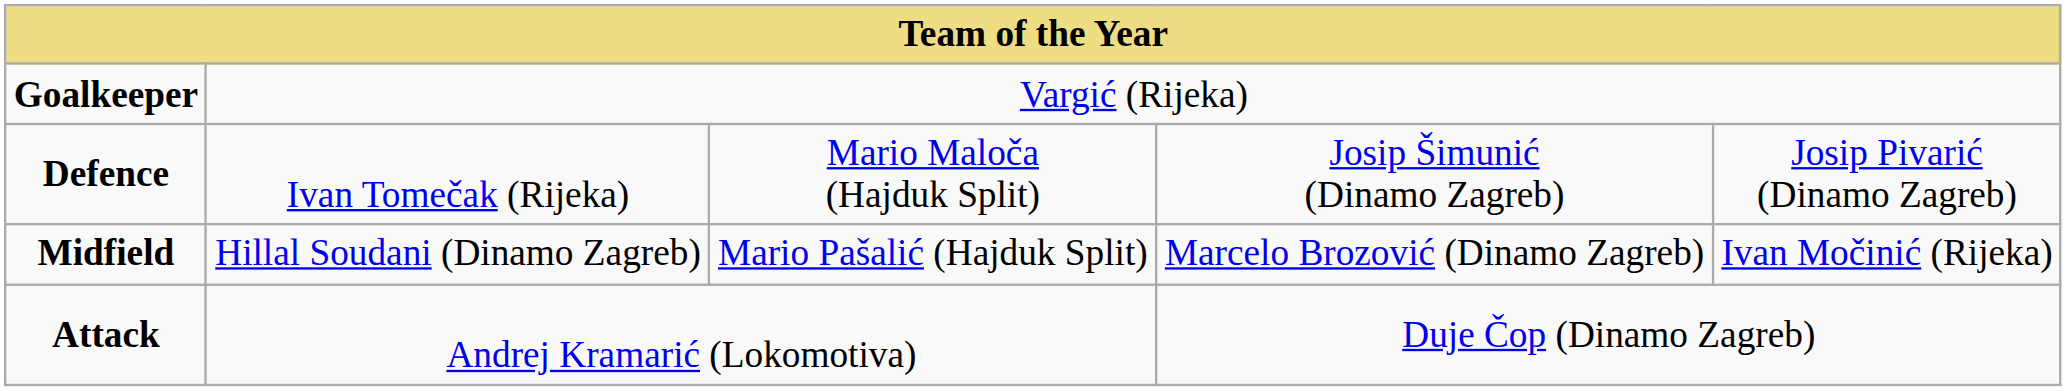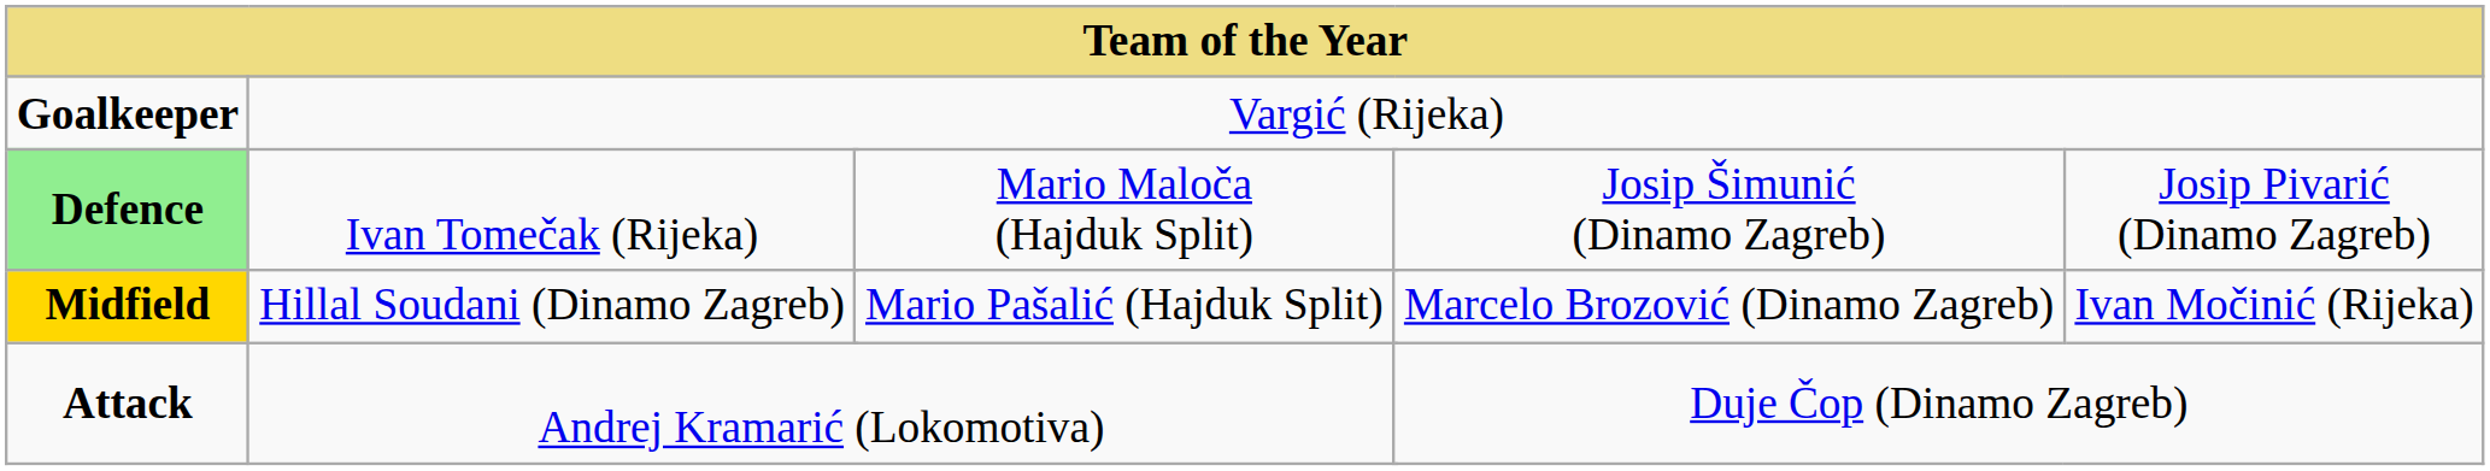 <table class="wikitable" style="text-align:center">
 <tr>
 <th style="background-color: #eedd82"     colspan="13">Team of the Year</th>
 </tr>
 <tr>
 <td><strong>Goalkeeper</strong></td>
 <td colspan="12"> <a href='#'>Vargić</a> (Rijeka)</td>
 </tr>
 <tr>
-<td><strong>Defence</strong></td>
+<td style="background: lightgreen;"><strong>Defence</strong></td>
 <td colspan="2"><br><a href='#'>Ivan Tomečak</a> (Rijeka)</td>
 <td colspan="2"> <a href='#'>Mario Maloča</a><br>(Hajduk Split)</td>
 <td colspan="2"> <a href='#'>Josip Šimunić</a><br>(Dinamo Zagreb)</td>
 <td colspan="3"> <a href='#'>Josip Pivarić</a><br>(Dinamo Zagreb)</td>
 </tr>
 <tr>
-<td><strong>Midfield</strong></td>
+<td style="background: gold;"><strong>Midfield</strong></td>
 <td colspan="2"> <a href='#'>Hillal Soudani</a> (Dinamo Zagreb)</td>
 <td colspan="2"> <a href='#'>Mario Pašalić</a> (Hajduk Split)</td>
 <td colspan="2"> <a href='#'>Marcelo Brozović</a> (Dinamo Zagreb)</td>
 <td colspan="4"> <a href='#'>Ivan Močinić</a> (Rijeka)</td>
 </tr>
 <tr>
 <td><strong>Attack</strong></td>
 <td colspan="4"><br> <a href='#'>Andrej Kramarić</a> (Lokomotiva)</td>
 <td colspan="4"> <a href='#'>Duje Čop</a> (Dinamo Zagreb)</td>
 </tr>
 </table>
